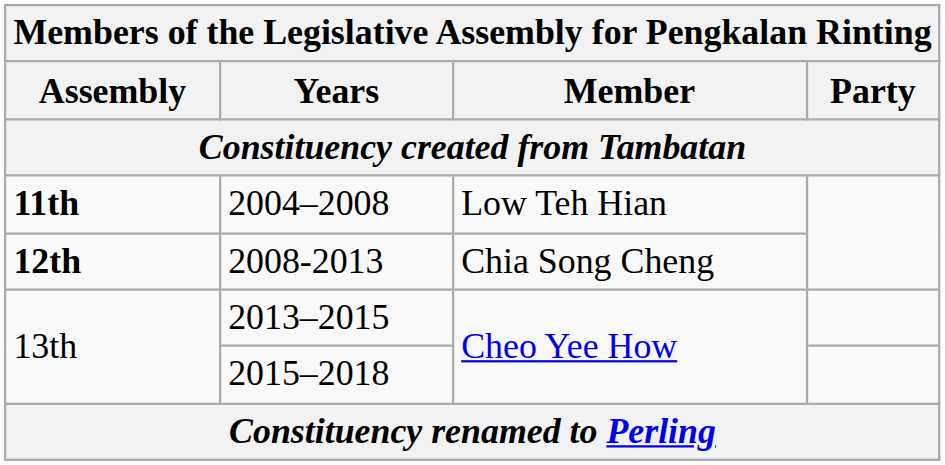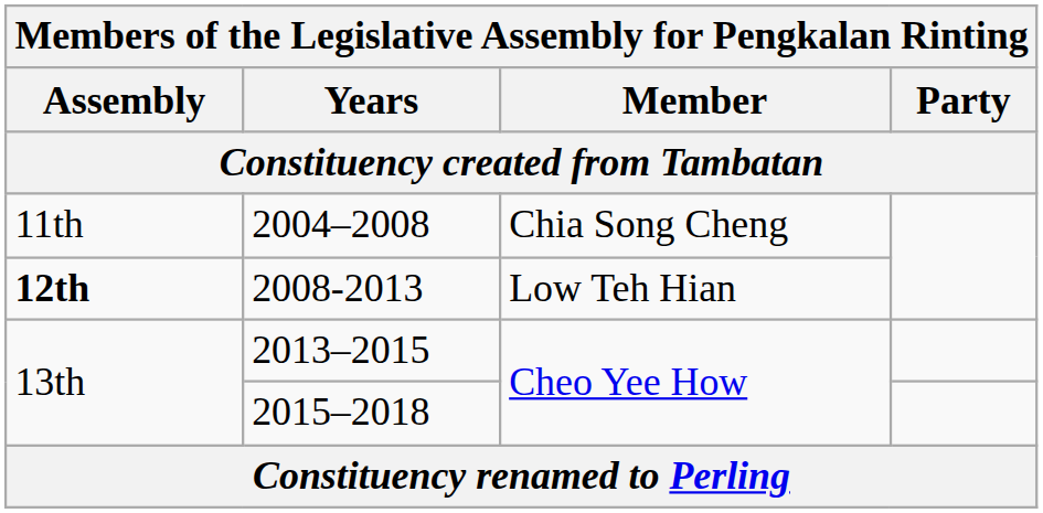 <table class=wikitable>
 <tr>
 <th colspan=4>Members of the Legislative Assembly for Pengkalan Rinting</th>
 </tr>
 <tr>
 <th>Assembly</th>
 <th>Years</th>
 <th>Member</th>
 <th>Party</th>
 </tr>
 <tr>
 <th colspan=4 align=center><em>Constituency created from Tambatan</em></th>
 </tr>
 <tr>
-<td><strong>11th</strong></td>
+<td>11th</td>
 <td>2004–2008</td>
-<td>Low Teh Hian</td>
+<td>Chia Song Cheng</td>
 <td rowspan="2" bgcolor=></td>
 </tr>
 <tr>
 <td><strong>12th</strong></td>
 <td>2008-2013</td>
-<td>Chia Song Cheng</td>
+<td>Low Teh Hian</td>
 </tr>
 <tr>
 <td rowspan=2>13th</td>
 <td>2013–2015</td>
 <td rowspan=2><a href='#'>Cheo Yee How</a></td>
 <td></td>
 </tr>
 <tr>
 <td>2015–2018</td>
 <td></td>
 </tr>
 <tr>
 <th colspan=4 align=center><em>Constituency renamed to <a href='#'>Perling</a></em></th>
 </tr>
 </table>
